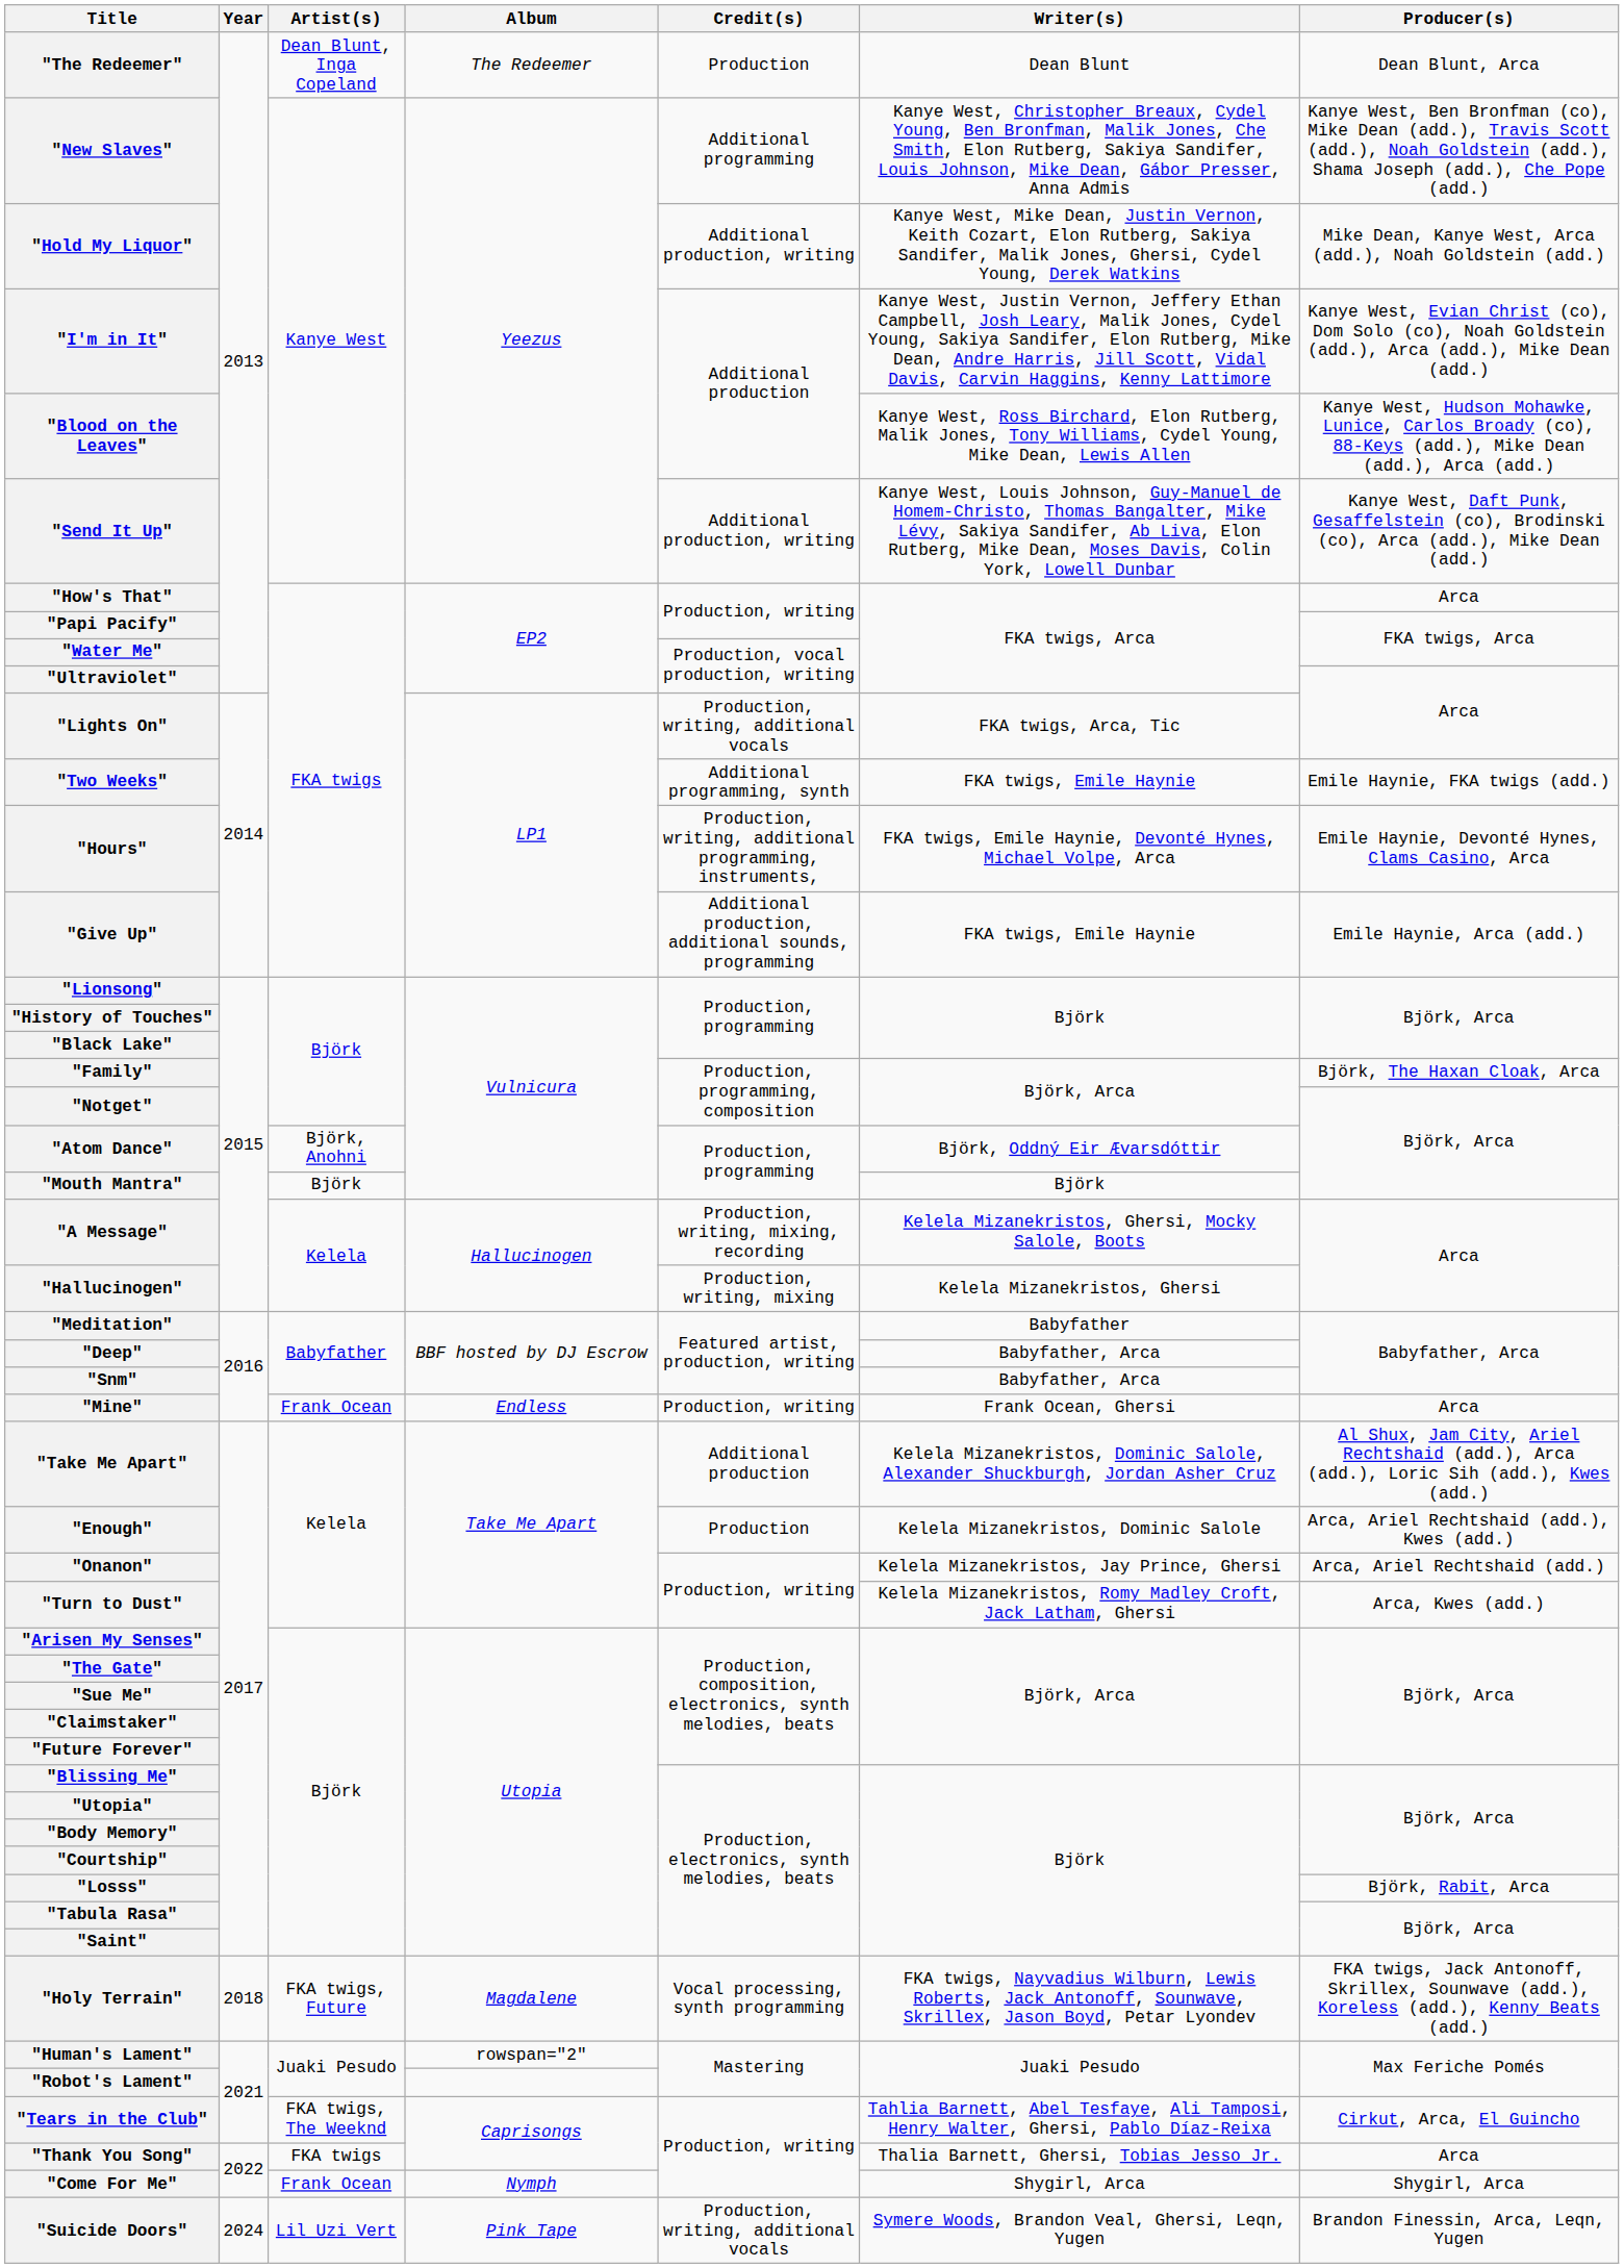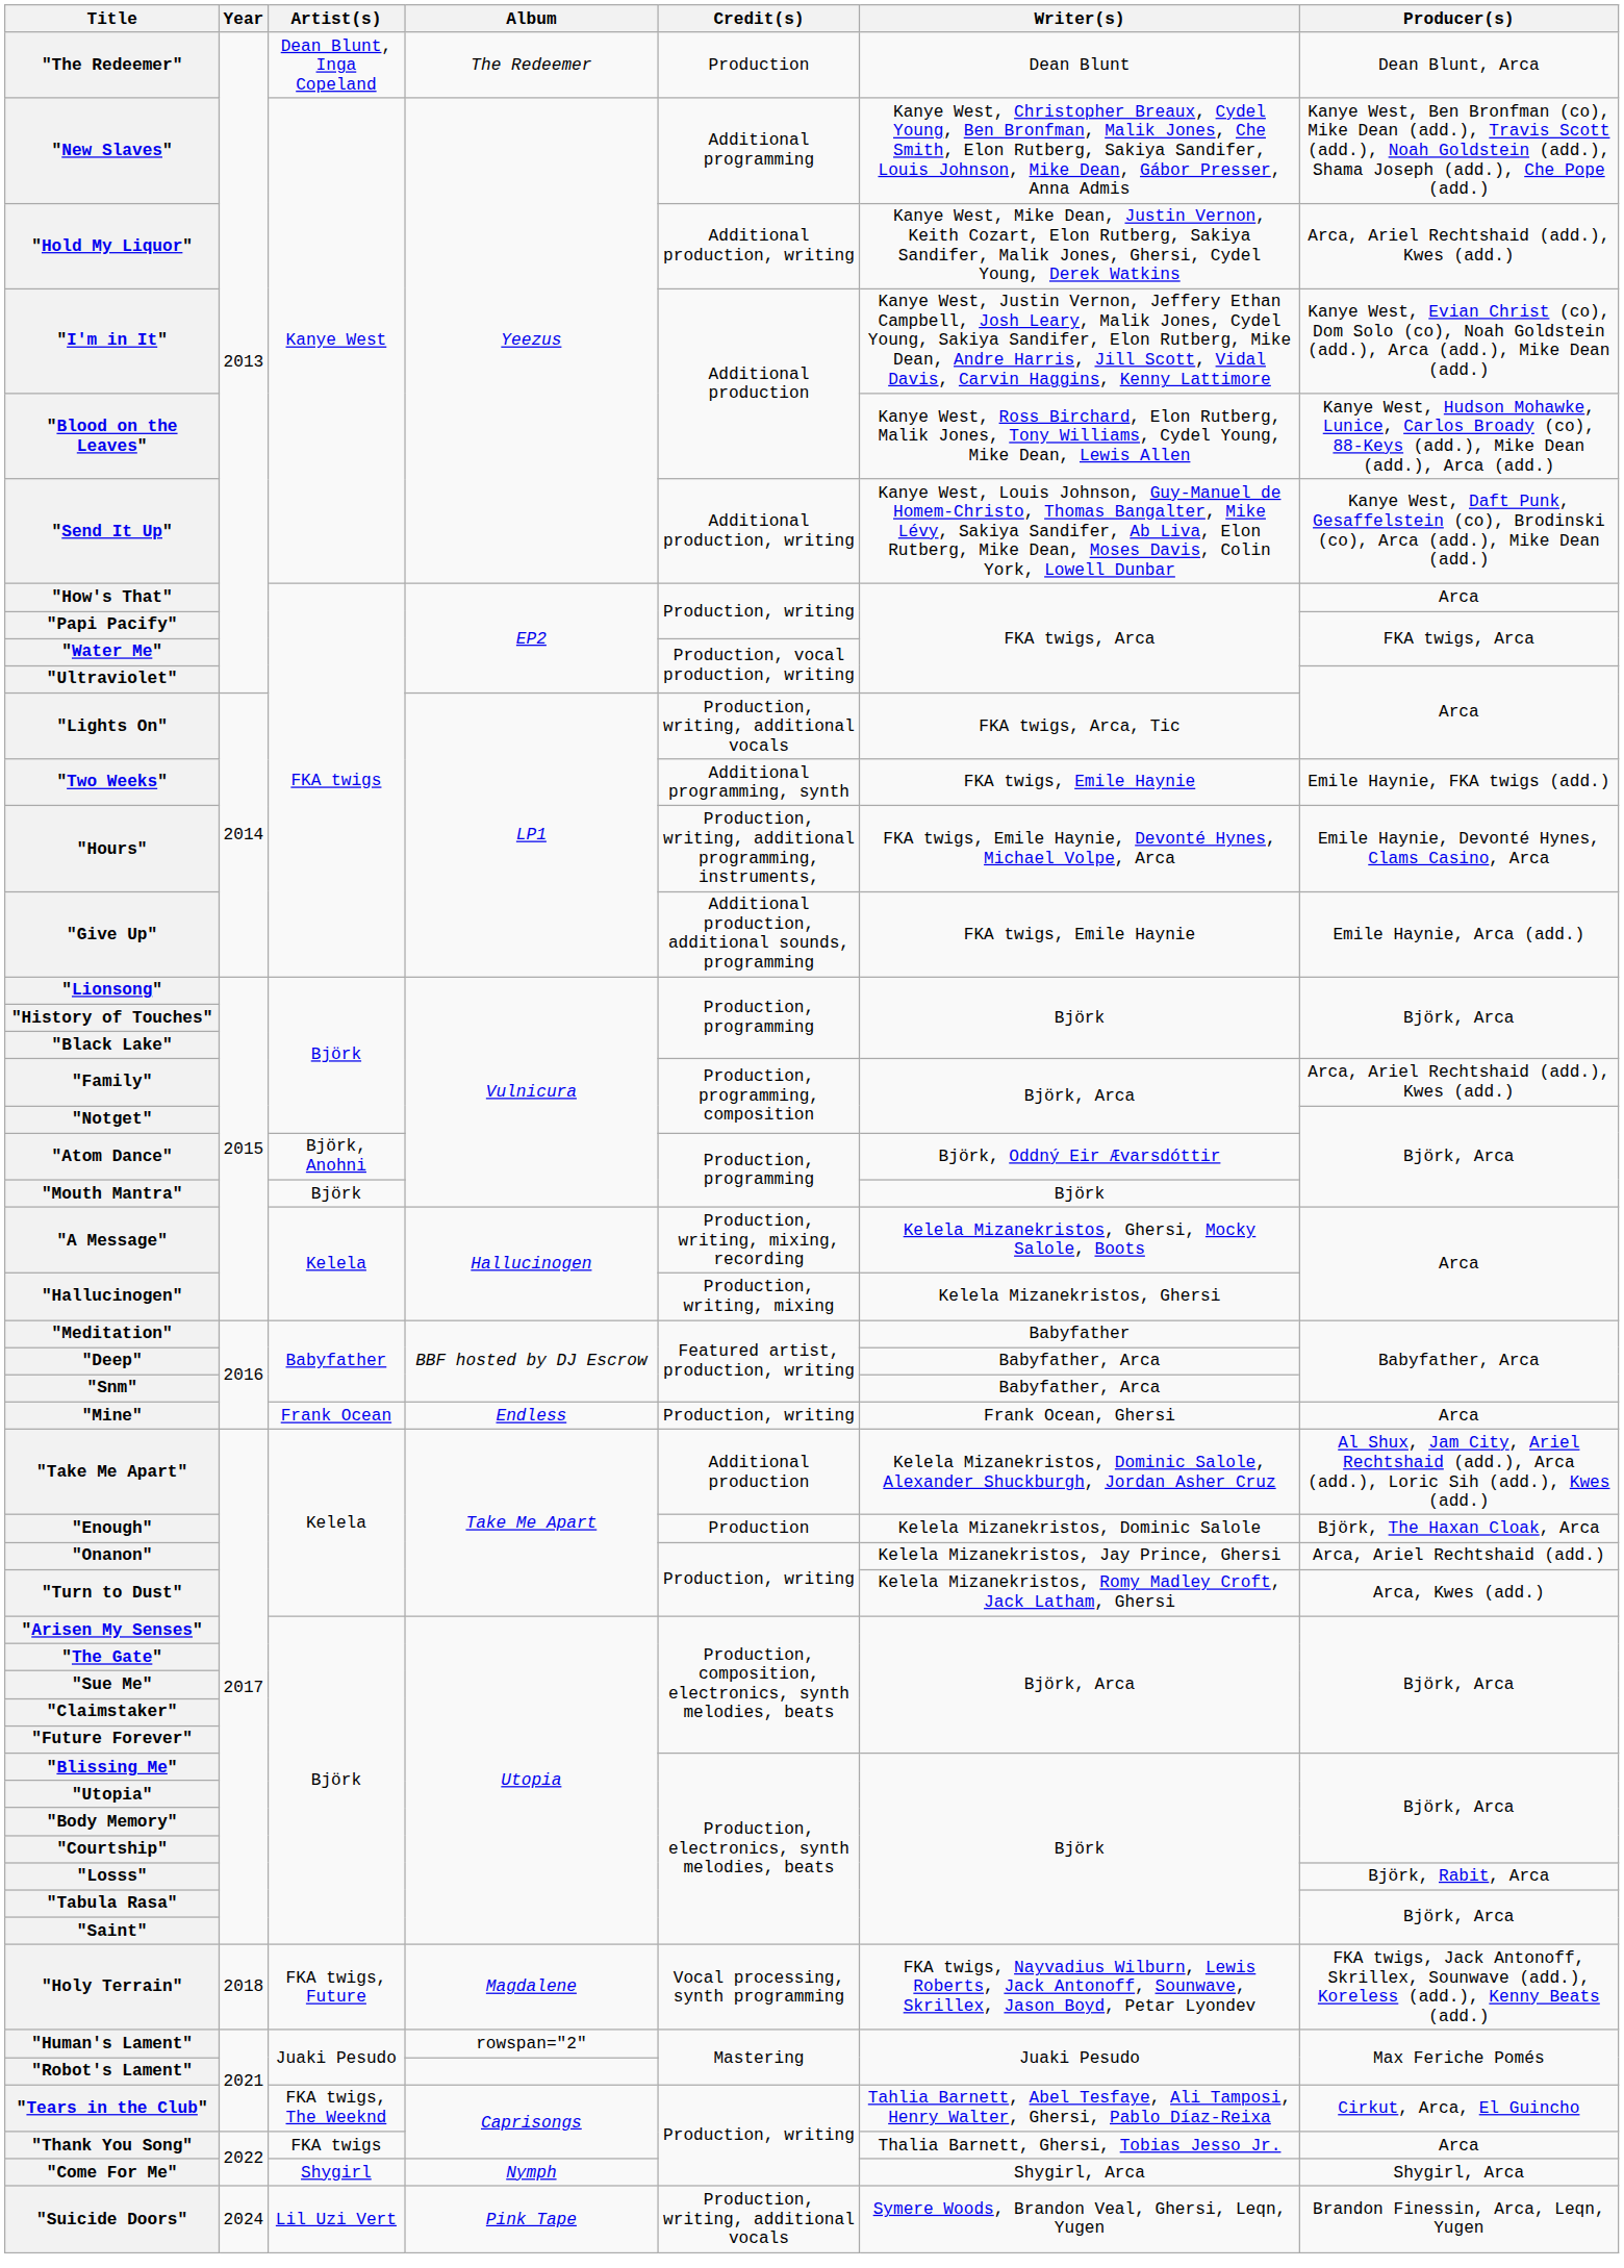 <table class="wikitable plainrowheaders" style="text-align:center;">
 <tr>
 <th scope="col" width="160">Title</th>
 <th scope="col">Year</th>
 <th scope="col" width="100">Artist(s)</th>
 <th scope="col" width="190">Album</th>
 <th scope="col">Credit(s)</th>
 <th scope="col">Writer(s)</th>
 <th scope="col">Producer(s)</th>
 </tr>
 <tr>
 <th scope="row">"The Redeemer"</th>
 <td rowspan="10">2013</td>
 <td><a href='#'>Dean Blunt</a>, <a href='#'>Inga Copeland</a></td>
 <td><em>The Redeemer</em></td>
 <td>Production</td>
 <td>Dean Blunt</td>
 <td>Dean Blunt, Arca</td>
 </tr>
 <tr>
 <th scope="row">"<a href='#'>New Slaves</a>"</th>
 <td rowspan="5"><a href='#'>Kanye West</a></td>
 <td rowspan="5"><em><a href='#'>Yeezus</a></em></td>
 <td>Additional programming</td>
 <td>Kanye West, <a href='#'>Christopher Breaux</a>, <a href='#'>Cydel Young</a>, <a href='#'>Ben Bronfman</a>, <a href='#'>Malik Jones</a>, <a href='#'>Che Smith</a>, Elon Rutberg, Sakiya Sandifer, <a href='#'>Louis Johnson</a>, <a href='#'>Mike Dean</a>, <a href='#'>Gábor Presser</a>, Anna Admis</td>
 <td>Kanye West, Ben Bronfman (co), Mike Dean (add.), <a href='#'>Travis Scott</a> (add.), <a href='#'>Noah Goldstein</a> (add.), Shama Joseph (add.), <a href='#'>Che Pope</a> (add.)</td>
 </tr>
 <tr>
 <th scope="row">"<a href='#'>Hold My Liquor</a>"</th>
 <td>Additional production, writing</td>
 <td>Kanye West, Mike Dean, <a href='#'>Justin Vernon</a>, Keith Cozart, Elon Rutberg, Sakiya Sandifer, Malik Jones, Ghersi, Cydel Young, <a href='#'>Derek Watkins</a></td>
-<td>Mike Dean, Kanye West, Arca (add.), Noah Goldstein (add.)</td>
+<td>Arca, Ariel Rechtshaid (add.), Kwes (add.)</td>
 </tr>
 <tr>
 <th scope="row">"<a href='#'>I'm in It</a>"</th>
 <td rowspan="2">Additional production</td>
 <td>Kanye West, Justin Vernon, Jeffery Ethan Campbell, <a href='#'>Josh Leary</a>, Malik Jones, Cydel Young, Sakiya Sandifer, Elon Rutberg, Mike Dean, <a href='#'>Andre Harris</a>, <a href='#'>Jill Scott</a>, <a href='#'>Vidal Davis</a>, <a href='#'>Carvin Haggins</a>, <a href='#'>Kenny Lattimore</a></td>
 <td>Kanye West, <a href='#'>Evian Christ</a> (co), Dom Solo (co), Noah Goldstein (add.), Arca (add.), Mike Dean (add.)</td>
 </tr>
 <tr>
 <th scope="row">"<a href='#'>Blood on the Leaves</a>"</th>
 <td>Kanye West, <a href='#'>Ross Birchard</a>, Elon Rutberg, Malik Jones, <a href='#'>Tony Williams</a>, Cydel Young, Mike Dean, <a href='#'>Lewis Allen</a></td>
 <td>Kanye West, <a href='#'>Hudson Mohawke</a>, <a href='#'>Lunice</a>, <a href='#'>Carlos Broady</a> (co), <a href='#'>88-Keys</a> (add.), Mike Dean (add.), Arca (add.)</td>
 </tr>
 <tr>
 <th scope="row">"<a href='#'>Send It Up</a>"</th>
 <td>Additional production, writing</td>
 <td>Kanye West, Louis Johnson, <a href='#'>Guy-Manuel de Homem-Christo</a>, <a href='#'>Thomas Bangalter</a>, <a href='#'>Mike Lévy</a>, Sakiya Sandifer, <a href='#'>Ab Liva</a>, Elon Rutberg, Mike Dean, <a href='#'>Moses Davis</a>, Colin York, <a href='#'>Lowell Dunbar</a></td>
 <td>Kanye West, <a href='#'>Daft Punk</a>, <a href='#'>Gesaffelstein</a> (co), Brodinski (co), Arca (add.), Mike Dean (add.)</td>
 </tr>
 <tr>
 <th scope="row">"How's That"</th>
 <td rowspan="8"><a href='#'>FKA twigs</a></td>
 <td rowspan="4"><em><a href='#'>EP2</a></em></td>
 <td rowspan="2">Production, writing</td>
 <td rowspan="4">FKA twigs, Arca</td>
 <td>Arca</td>
 </tr>
 <tr>
 <th scope="row">"Papi Pacify"</th>
 <td rowspan="2">FKA twigs, Arca</td>
 </tr>
 <tr>
 <th scope="row">"<a href='#'>Water Me</a>"</th>
 <td rowspan="2">Production, vocal production, writing</td>
 </tr>
 <tr>
 <th scope="row">"Ultraviolet"</th>
 <td rowspan="2">Arca</td>
 </tr>
 <tr>
 <th scope="row">"Lights On"</th>
 <td rowspan="4">2014</td>
 <td rowspan="4"><em><a href='#'>LP1</a></em></td>
 <td>Production, writing, additional vocals</td>
 <td>FKA twigs, Arca, Tic</td>
 </tr>
 <tr>
 <th scope="row">"<a href='#'>Two Weeks</a>"</th>
 <td>Additional programming, synth</td>
 <td>FKA twigs, <a href='#'>Emile Haynie</a></td>
 <td>Emile Haynie, FKA twigs (add.)</td>
 </tr>
 <tr>
 <th scope="row">"Hours"</th>
 <td>Production, writing, additional programming, instruments,</td>
 <td>FKA twigs, Emile Haynie, <a href='#'>Devonté Hynes</a>, <a href='#'>Michael Volpe</a>, Arca</td>
 <td>Emile Haynie, Devonté Hynes, <a href='#'>Clams Casino</a>, Arca</td>
 </tr>
 <tr>
 <th scope="row">"Give Up"</th>
 <td>Additional production, additional sounds, programming</td>
 <td>FKA twigs, Emile Haynie</td>
 <td>Emile Haynie, Arca (add.)</td>
 </tr>
 <tr>
 <th scope="row">"<a href='#'>Lionsong</a>"</th>
 <td rowspan="9">2015</td>
 <td rowspan="5"><a href='#'>Björk</a></td>
 <td rowspan="7"><em><a href='#'>Vulnicura</a></em></td>
 <td rowspan="3">Production, programming</td>
 <td rowspan="3">Björk</td>
 <td rowspan="3">Björk, Arca</td>
 </tr>
 <tr>
 <th scope="row">"History of Touches"</th>
 </tr>
 <tr>
 <th scope="row">"Black Lake"</th>
 </tr>
 <tr>
 <th scope="row">"Family"</th>
 <td rowspan="2">Production, programming, composition</td>
 <td rowspan="2">Björk, Arca</td>
-<td>Björk, <a href='#'>The Haxan Cloak</a>, Arca</td>
+<td>Arca, Ariel Rechtshaid (add.), Kwes (add.)</td>
 </tr>
 <tr>
 <th scope="row">"Notget"</th>
 <td rowspan="3">Björk, Arca</td>
 </tr>
 <tr>
 <th scope="row">"Atom Dance"</th>
 <td>Björk, <a href='#'>Anohni</a></td>
 <td rowspan="2">Production, programming</td>
 <td>Björk, <a href='#'>Oddný Eir Ævarsdóttir</a></td>
 </tr>
 <tr>
 <th scope="row">"Mouth Mantra"</th>
 <td>Björk</td>
 <td>Björk</td>
 </tr>
 <tr>
 <th scope="row">"A Message"</th>
 <td rowspan="2"><a href='#'>Kelela</a></td>
 <td rowspan="2"><em><a href='#'>Hallucinogen</a></em></td>
 <td>Production, writing, mixing, recording</td>
 <td><a href='#'>Kelela Mizanekristos</a>, Ghersi, <a href='#'>Mocky Salole</a>, <a href='#'>Boots</a></td>
 <td rowspan="2">Arca</td>
 </tr>
 <tr>
 <th scope="row">"Hallucinogen"</th>
 <td>Production, writing, mixing</td>
 <td>Kelela Mizanekristos, Ghersi</td>
 </tr>
 <tr>
 <th scope="row">"Meditation"</th>
 <td rowspan="4">2016</td>
 <td rowspan="3"><a href='#'>Babyfather</a></td>
 <td rowspan="3"><em>BBF hosted by DJ Escrow</em></td>
 <td rowspan="3">Featured artist, production, writing</td>
 <td>Babyfather</td>
 <td rowspan="3">Babyfather, Arca</td>
 </tr>
 <tr>
 <th scope="row">"Deep"</th>
 <td>Babyfather, Arca</td>
 </tr>
 <tr>
 <th scope="row">"Snm"</th>
 <td>Babyfather, Arca</td>
 </tr>
 <tr>
 <th scope="row">"Mine"</th>
 <td><a href='#'>Frank Ocean</a></td>
 <td><em><a href='#'>Endless</a></em></td>
 <td>Production, writing</td>
 <td>Frank Ocean, Ghersi</td>
 <td>Arca</td>
 </tr>
 <tr>
 <th scope="row">"Take Me Apart"</th>
 <td rowspan="16">2017</td>
 <td rowspan="4">Kelela</td>
 <td rowspan="4"><em><a href='#'>Take Me Apart</a></em></td>
 <td>Additional production</td>
 <td>Kelela Mizanekristos, <a href='#'>Dominic Salole</a>, <a href='#'>Alexander Shuckburgh</a>, <a href='#'>Jordan Asher Cruz</a></td>
 <td><a href='#'>Al Shux</a>, <a href='#'>Jam City</a>, <a href='#'>Ariel Rechtshaid</a> (add.), Arca (add.), Loric Sih (add.), <a href='#'>Kwes</a> (add.)</td>
 </tr>
 <tr>
 <th scope="row">"Enough"</th>
 <td>Production</td>
 <td>Kelela Mizanekristos, Dominic Salole</td>
-<td>Arca, Ariel Rechtshaid (add.), Kwes (add.)</td>
+<td>Björk, <a href='#'>The Haxan Cloak</a>, Arca</td>
 </tr>
 <tr>
 <th scope="row">"Onanon"</th>
 <td rowspan="2">Production, writing</td>
 <td>Kelela Mizanekristos, Jay Prince, Ghersi</td>
 <td>Arca, Ariel Rechtshaid (add.)</td>
 </tr>
 <tr>
 <th scope="row">"Turn to Dust"</th>
 <td>Kelela Mizanekristos, <a href='#'>Romy Madley Croft</a>, <a href='#'>Jack Latham</a>, Ghersi</td>
 <td>Arca, Kwes (add.)</td>
 </tr>
 <tr>
 <th scope="row">"<a href='#'>Arisen My Senses</a>"</th>
 <td rowspan="12">Björk</td>
 <td rowspan="12"><em><a href='#'>Utopia</a></em></td>
 <td rowspan="5">Production, composition, electronics, synth melodies, beats</td>
 <td rowspan="5">Björk, Arca</td>
 <td rowspan="5">Björk, Arca</td>
 </tr>
 <tr>
 <th scope="row">"<a href='#'>The Gate</a>"</th>
 </tr>
 <tr>
 <th scope="row">"Sue Me"</th>
 </tr>
 <tr>
 <th scope="row">"Claimstaker"</th>
 </tr>
 <tr>
 <th scope="row">"Future Forever"</th>
 </tr>
 <tr>
 <th scope="row">"<a href='#'>Blissing Me</a>"</th>
 <td rowspan="7">Production, electronics, synth melodies, beats</td>
 <td rowspan="7">Björk</td>
 <td rowspan="4">Björk, Arca</td>
 </tr>
 <tr>
 <th scope="row">"Utopia"</th>
 </tr>
 <tr>
 <th scope="row">"Body Memory"</th>
 </tr>
 <tr>
 <th scope="row">"Courtship"</th>
 </tr>
 <tr>
 <th scope="row">"Losss"</th>
 <td>Björk, <a href='#'>Rabit</a>, Arca</td>
 </tr>
 <tr>
 <th scope="row">"Tabula Rasa"</th>
 <td rowspan="2">Björk, Arca</td>
 </tr>
 <tr>
 <th scope="row">"Saint"</th>
 </tr>
 <tr>
 <th scope="row">"Holy Terrain"</th>
 <td>2018</td>
 <td>FKA twigs, <a href='#'>Future</a></td>
 <td><em><a href='#'>Magdalene</a></em></td>
 <td>Vocal processing, synth programming</td>
 <td>FKA twigs, <a href='#'>Nayvadius Wilburn</a>, <a href='#'>Lewis Roberts</a>, <a href='#'>Jack Antonoff</a>, <a href='#'>Sounwave</a>, <a href='#'>Skrillex</a>, <a href='#'>Jason Boyd</a>, Petar Lyondev</td>
 <td>FKA twigs, Jack Antonoff, Skrillex, Sounwave (add.), <a href='#'>Koreless</a> (add.), <a href='#'>Kenny Beats</a> (add.)</td>
 </tr>
 <tr>
 <th scope="row">"Human's Lament"</th>
 <td rowspan="3">2021</td>
 <td rowspan="2">Juaki Pesudo</td>
 <td>rowspan="2" </td>
 <td rowspan="2">Mastering</td>
 <td rowspan="2">Juaki Pesudo</td>
 <td rowspan="2">Max Feriche Pomés</td>
 </tr>
 <tr>
 <th scope="row">"Robot's Lament"</th>
 </tr>
 <tr>
 <th scope="row">"<a href='#'>Tears in the Club</a>"</th>
 <td>FKA twigs, <a href='#'>The Weeknd</a></td>
 <td rowspan="2"><em><a href='#'>Caprisongs</a></em></td>
 <td rowspan="3">Production, writing</td>
 <td><a href='#'>Tahlia Barnett</a>, <a href='#'>Abel Tesfaye</a>, <a href='#'>Ali Tamposi</a>, <a href='#'>Henry Walter</a>, Ghersi, <a href='#'>Pablo Díaz-Reixa</a></td>
 <td><a href='#'>Cirkut</a>, Arca, <a href='#'>El Guincho</a></td>
 </tr>
 <tr>
 <th scope="row">"Thank You Song"</th>
 <td rowspan="2">2022</td>
 <td>FKA twigs</td>
 <td>Thalia Barnett, Ghersi, <a href='#'>Tobias Jesso Jr.</a></td>
 <td>Arca</td>
 </tr>
 <tr>
 <th scope="row">"Come For Me"</th>
-<td><a href='#'>Frank Ocean</a></td>
+<td rowspan="1"><a href='#'>Shygirl</a></td>
 <td rowspan="1"><em><a href='#'>Nymph</a></em></td>
 <td>Shygirl, Arca</td>
 <td>Shygirl, Arca</td>
 </tr>
 <tr>
 <th scope="row">"Suicide Doors"</th>
 <td>2024</td>
 <td><a href='#'>Lil Uzi Vert</a></td>
 <td><em><a href='#'>Pink Tape</a></em></td>
 <td>Production, writing, additional vocals</td>
 <td><a href='#'>Symere Woods</a>, Brandon Veal, Ghersi, Leqn, Yugen</td>
 <td>Brandon Finessin, Arca, Leqn, Yugen</td>
 </tr>
 </table>
